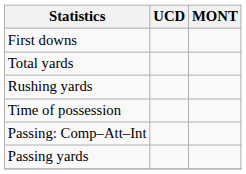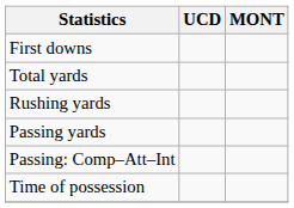 <table class="wikitable" style="float: left;">
 <tr>
 <th>Statistics</th>
 <th>UCD</th>
 <th>MONT</th>
 </tr>
 <tr>
 <td>First downs</td>
 <td></td>
 <td></td>
 </tr>
 <tr>
 <td>Total yards</td>
 <td></td>
 <td></td>
 </tr>
 <tr>
 <td>Rushing yards</td>
 <td></td>
 <td></td>
 </tr>
 <tr>
-<td>Time of possession</td>
+<td>Passing yards</td>
 <td></td>
 <td></td>
 </tr>
 <tr>
 <td>Passing: Comp–Att–Int</td>
 <td></td>
 <td></td>
 </tr>
 <tr>
-<td>Passing yards</td>
+<td>Time of possession</td>
 <td></td>
 <td></td>
 </tr>
 <tr>
 </tr>
 </table>
